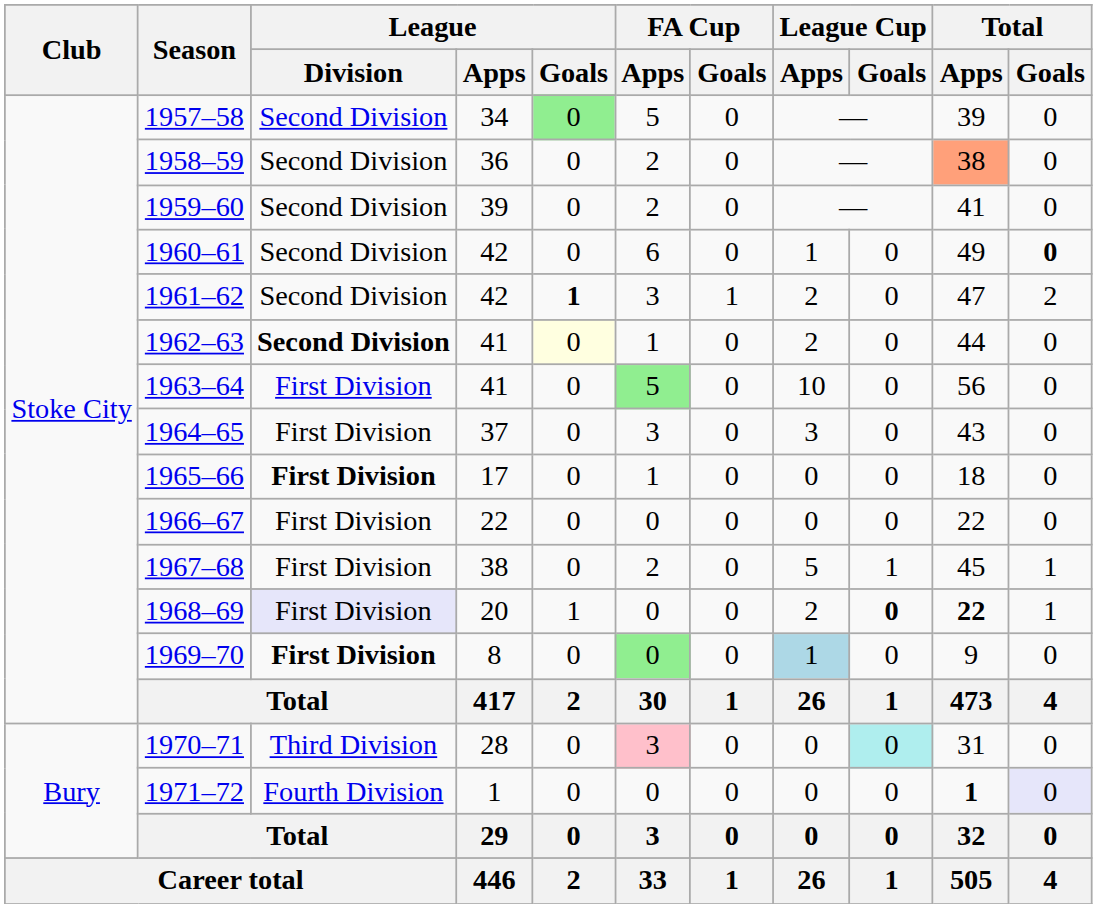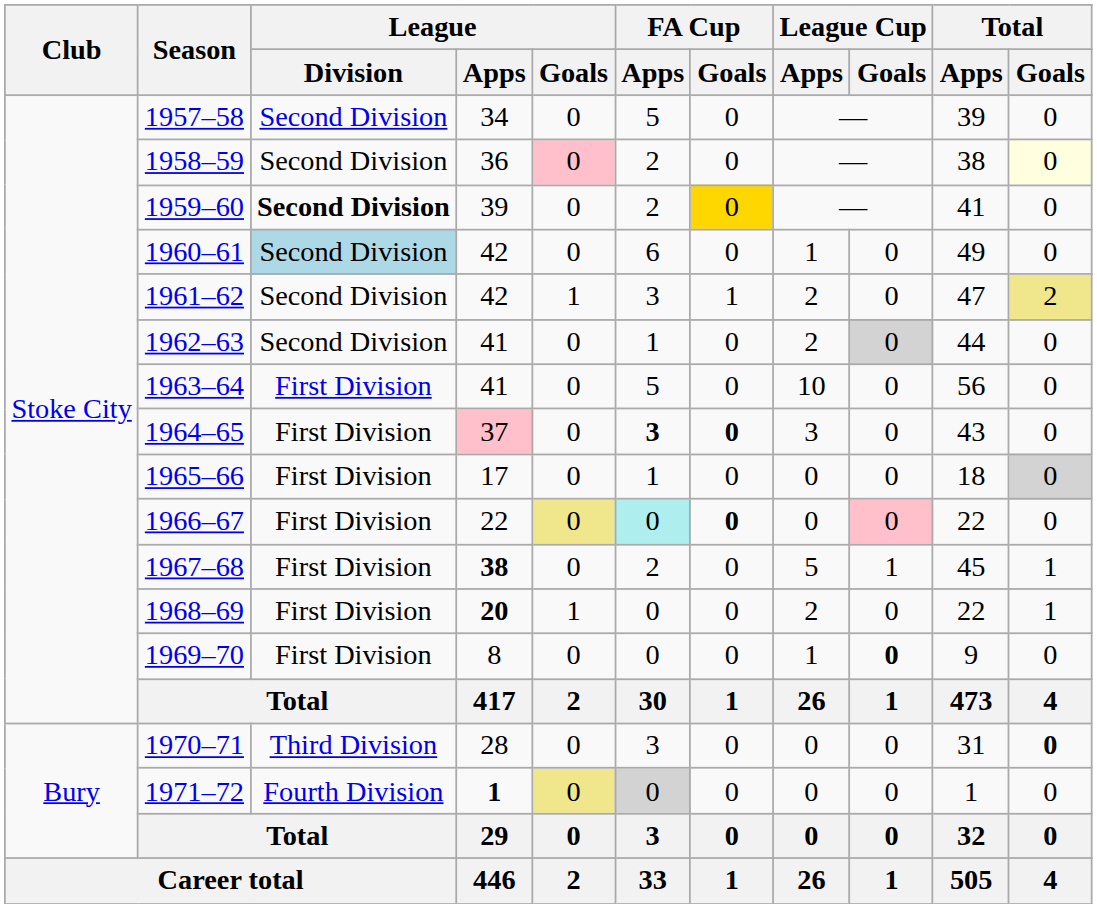 <table class="wikitable" style="text-align:center">
 <tr>
 <th rowspan="2">Club</th>
 <th rowspan="2">Season</th>
 <th colspan="3">League</th>
 <th colspan="2">FA Cup</th>
 <th colspan="2">League Cup</th>
 <th colspan="2">Total</th>
 </tr>
 <tr>
 <th>Division</th>
 <th>Apps</th>
 <th>Goals</th>
 <th>Apps</th>
 <th>Goals</th>
 <th>Apps</th>
 <th>Goals</th>
 <th>Apps</th>
 <th>Goals</th>
 </tr>
 <tr>
 <td rowspan="14"><a href='#'>Stoke City</a></td>
 <td><a href='#'>1957–58</a></td>
 <td><a href='#'>Second Division</a></td>
 <td>34</td>
-<td style="background: lightgreen;">0</td>
+<td>0</td>
 <td>5</td>
 <td>0</td>
 <td colspan="2">—</td>
 <td>39</td>
 <td>0</td>
 </tr>
 <tr>
 <td><a href='#'>1958–59</a></td>
 <td>Second Division</td>
 <td>36</td>
-<td>0</td>
+<td style="background: pink;">0</td>
 <td>2</td>
 <td>0</td>
 <td colspan="2">—</td>
-<td style="background: lightsalmon;">38</td>
-<td>0</td>
+<td>38</td>
+<td style="background: lightyellow;">0</td>
 </tr>
 <tr>
 <td><a href='#'>1959–60</a></td>
-<td>Second Division</td>
+<td><strong>Second Division</strong></td>
 <td>39</td>
 <td>0</td>
 <td>2</td>
-<td>0</td>
+<td style="background: gold;">0</td>
 <td colspan="2">—</td>
 <td>41</td>
 <td>0</td>
 </tr>
 <tr>
 <td><a href='#'>1960–61</a></td>
-<td>Second Division</td>
+<td style="background: lightblue;">Second Division</td>
 <td>42</td>
 <td>0</td>
 <td>6</td>
 <td>0</td>
 <td>1</td>
 <td>0</td>
 <td>49</td>
-<td><strong>0</strong></td>
+<td>0</td>
 </tr>
 <tr>
 <td><a href='#'>1961–62</a></td>
 <td>Second Division</td>
 <td>42</td>
-<td><strong>1</strong></td>
+<td>1</td>
 <td>3</td>
 <td>1</td>
 <td>2</td>
 <td>0</td>
 <td>47</td>
-<td>2</td>
+<td style="background: khaki;">2</td>
 </tr>
 <tr>
 <td><a href='#'>1962–63</a></td>
-<td><strong>Second Division</strong></td>
+<td>Second Division</td>
 <td>41</td>
-<td style="background: lightyellow;">0</td>
+<td>0</td>
 <td>1</td>
 <td>0</td>
 <td>2</td>
-<td>0</td>
+<td style="background: lightgrey;">0</td>
 <td>44</td>
 <td>0</td>
 </tr>
 <tr>
 <td><a href='#'>1963–64</a></td>
 <td><a href='#'>First Division</a></td>
 <td>41</td>
 <td>0</td>
-<td style="background: lightgreen;">5</td>
+<td>5</td>
 <td>0</td>
 <td>10</td>
 <td>0</td>
 <td>56</td>
 <td>0</td>
 </tr>
 <tr>
 <td><a href='#'>1964–65</a></td>
 <td>First Division</td>
-<td>37</td>
+<td style="background: pink;">37</td>
 <td>0</td>
-<td>3</td>
-<td>0</td>
+<td><strong>3</strong></td>
+<td><strong>0</strong></td>
 <td>3</td>
 <td>0</td>
 <td>43</td>
 <td>0</td>
 </tr>
 <tr>
 <td><a href='#'>1965–66</a></td>
-<td><strong>First Division</strong></td>
+<td>First Division</td>
 <td>17</td>
 <td>0</td>
 <td>1</td>
 <td>0</td>
 <td>0</td>
 <td>0</td>
 <td>18</td>
-<td>0</td>
+<td style="background: lightgrey;">0</td>
 </tr>
 <tr>
 <td><a href='#'>1966–67</a></td>
 <td>First Division</td>
 <td>22</td>
+<td style="background: khaki;">0</td>
+<td style="background: paleturquoise;">0</td>
+<td><strong>0</strong></td>
 <td>0</td>
-<td>0</td>
-<td>0</td>
-<td>0</td>
-<td>0</td>
+<td style="background: pink;">0</td>
 <td>22</td>
 <td>0</td>
 </tr>
 <tr>
 <td><a href='#'>1967–68</a></td>
 <td>First Division</td>
-<td>38</td>
+<td><strong>38</strong></td>
 <td>0</td>
 <td>2</td>
 <td>0</td>
 <td>5</td>
 <td>1</td>
 <td>45</td>
 <td>1</td>
 </tr>
 <tr>
 <td><a href='#'>1968–69</a></td>
-<td style="background: lavender;">First Division</td>
-<td>20</td>
+<td>First Division</td>
+<td><strong>20</strong></td>
 <td>1</td>
 <td>0</td>
 <td>0</td>
 <td>2</td>
-<td><strong>0</strong></td>
-<td><strong>22</strong></td>
+<td>0</td>
+<td>22</td>
 <td>1</td>
 </tr>
 <tr>
 <td><a href='#'>1969–70</a></td>
-<td><strong>First Division</strong></td>
+<td>First Division</td>
 <td>8</td>
 <td>0</td>
-<td style="background: lightgreen;">0</td>
 <td>0</td>
-<td style="background: lightblue;">1</td>
 <td>0</td>
+<td>1</td>
+<td><strong>0</strong></td>
 <td>9</td>
 <td>0</td>
 </tr>
 <tr>
 <th colspan="2">Total</th>
 <th>417</th>
 <th>2</th>
 <th>30</th>
 <th>1</th>
 <th>26</th>
 <th>1</th>
 <th>473</th>
 <th>4</th>
 </tr>
 <tr>
 <td rowspan="3"><a href='#'>Bury</a></td>
 <td><a href='#'>1970–71</a></td>
 <td><a href='#'>Third Division</a></td>
 <td>28</td>
 <td>0</td>
-<td style="background: pink;">3</td>
+<td>3</td>
 <td>0</td>
 <td>0</td>
-<td style="background: paleturquoise;">0</td>
+<td>0</td>
 <td>31</td>
-<td>0</td>
+<td><strong>0</strong></td>
 </tr>
 <tr>
 <td><a href='#'>1971–72</a></td>
 <td><a href='#'>Fourth Division</a></td>
-<td>1</td>
+<td><strong>1</strong></td>
+<td style="background: khaki;">0</td>
+<td style="background: lightgrey;">0</td>
 <td>0</td>
 <td>0</td>
 <td>0</td>
+<td>1</td>
 <td>0</td>
-<td>0</td>
-<td><strong>1</strong></td>
-<td style="background: lavender;">0</td>
 </tr>
 <tr>
 <th colspan="2">Total</th>
 <th>29</th>
 <th>0</th>
 <th>3</th>
 <th>0</th>
 <th>0</th>
 <th>0</th>
 <th>32</th>
 <th>0</th>
 </tr>
 <tr>
 <th colspan="3">Career total</th>
 <th>446</th>
 <th>2</th>
 <th>33</th>
 <th>1</th>
 <th>26</th>
 <th>1</th>
 <th>505</th>
 <th>4</th>
 </tr>
 </table>
